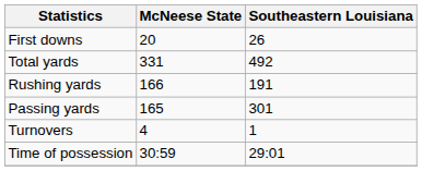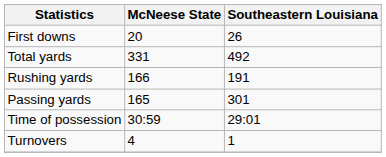 <table class="wikitable">
 <tr>
 <th>Statistics</th>
 <th>McNeese State</th>
 <th>Southeastern Louisiana</th>
 </tr>
 <tr>
 <td>First downs</td>
 <td>20</td>
 <td>26</td>
 </tr>
 <tr>
 <td>Total yards</td>
 <td>331</td>
 <td>492</td>
 </tr>
 <tr>
 <td>Rushing yards</td>
 <td>166</td>
 <td>191</td>
 </tr>
 <tr>
 <td>Passing yards</td>
 <td>165</td>
 <td>301</td>
 </tr>
 <tr>
+<td>Time of possession</td>
+<td>30:59</td>
+<td>29:01</td>
+</tr>
+<tr>
 <td>Turnovers</td>
 <td>4</td>
 <td>1</td>
 </tr>
 <tr>
-<td>Time of possession</td>
-<td>30:59</td>
-<td>29:01</td>
-</tr>
-<tr>
 </tr>
 </table>
